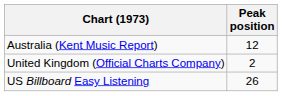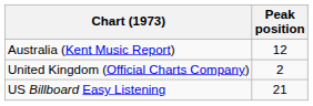 <table class="wikitable">
 <tr>
 <th scope="col">Chart (1973)</th>
 <th>Peak<br>position</th>
 </tr>
 <tr>
 <td>Australia (<a href='#'>Kent Music Report</a>)</td>
 <td style="text-align:center;">12</td>
 </tr>
 <tr>
 <td>United Kingdom (<a href='#'>Official Charts Company</a>)</td>
 <td style="text-align:center;">2</td>
 </tr>
 <tr>
 <td align="left">US <em>Billboard</em> <a href='#'>Easy Listening</a></td>
-<td align="center">26</td>
+<td align="center">21</td>
 </tr>
 </table>
